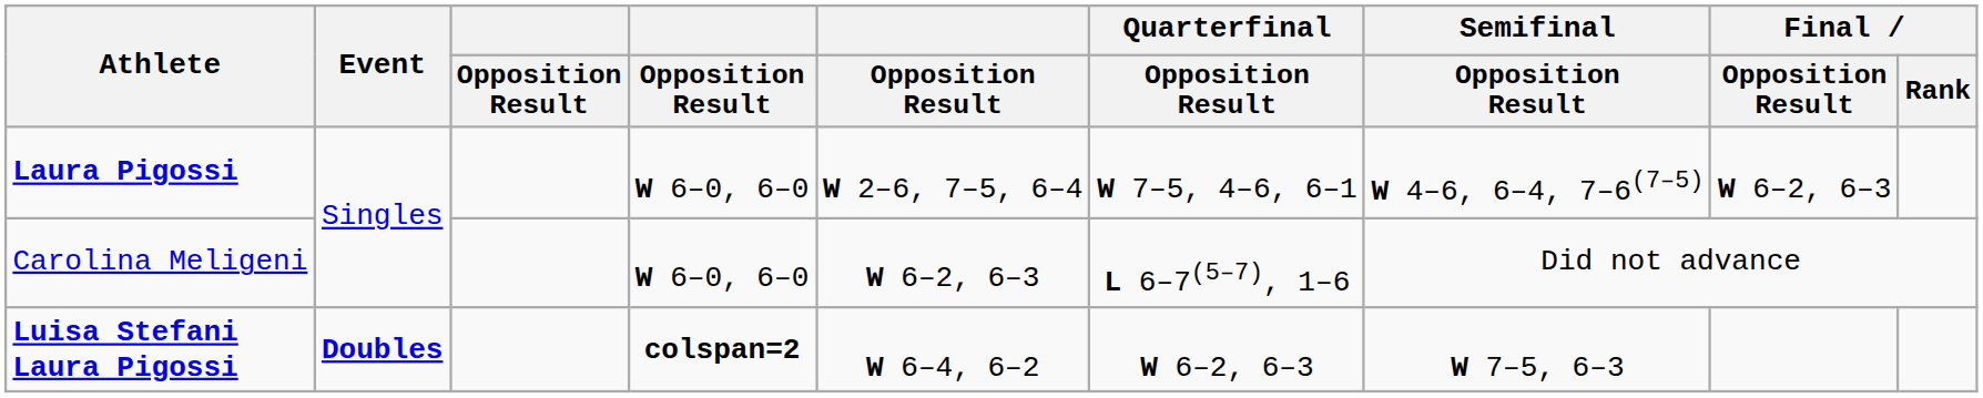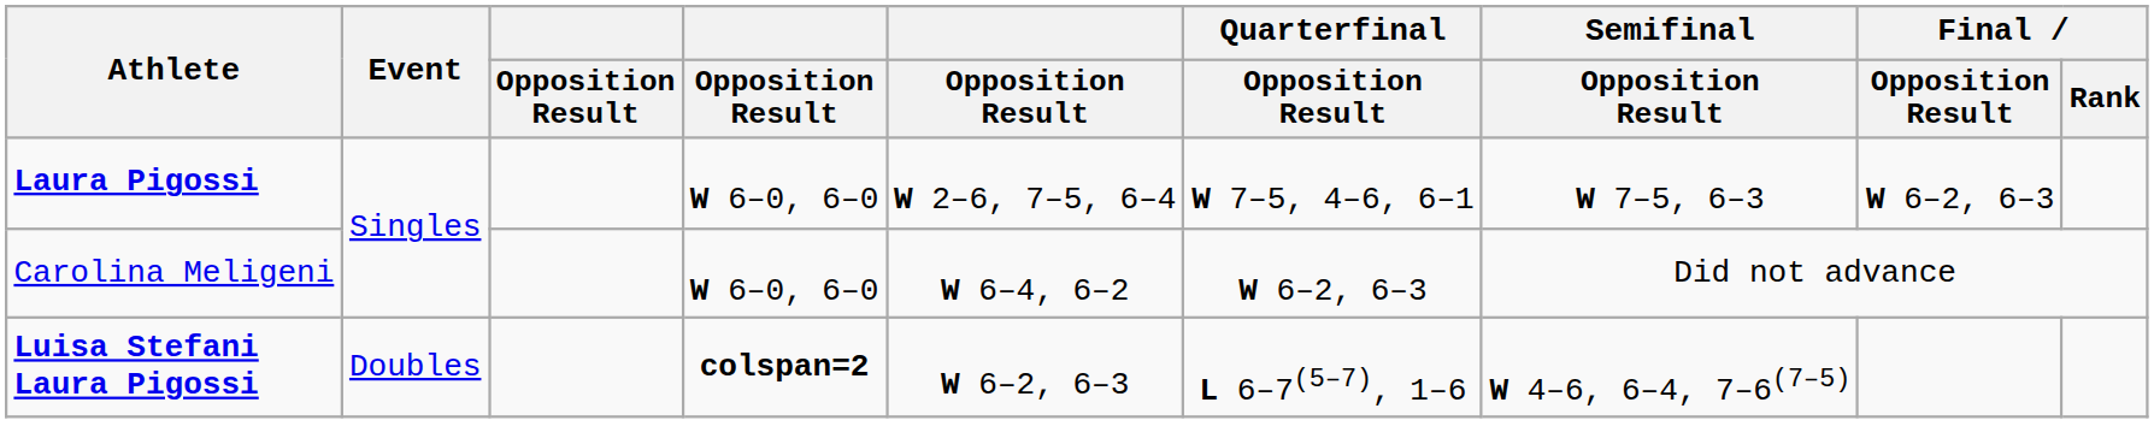 <table class=wikitable style=font-size:90%;text-align:center>
 <tr>
 <th rowspan=2>Athlete</th>
 <th rowspan=2>Event</th>
 <th></th>
 <th></th>
 <th></th>
 <th>Quarterfinal</th>
 <th>Semifinal</th>
 <th colspan=2>Final / </th>
 </tr>
 <tr style=font-size:95%>
 <th>Opposition<br>Result</th>
 <th>Opposition<br>Result</th>
 <th>Opposition<br>Result</th>
 <th>Opposition<br>Result</th>
 <th>Opposition<br>Result</th>
 <th>Opposition<br>Result</th>
 <th>Rank</th>
 </tr>
 <tr>
 <td align=left><strong><a href='#'>Laura Pigossi</a></strong></td>
 <td align=left rowspan=2><a href='#'>Singles</a></td>
 <td></td>
 <td><br><strong>W</strong> 6–0, 6–0</td>
 <td><br><strong>W</strong> 2–6, 7–5, 6–4</td>
 <td><br><strong>W</strong> 7–5, 4–6, 6–1</td>
-<td><br><strong>W</strong> 4–6, 6–4, 7–6<sup>(7–5)</sup></td>
+<td><br><strong>W</strong> 7–5, 6–3</td>
 <td><br><strong>W</strong> 6–2, 6–3</td>
 <td></td>
 </tr>
 <tr>
 <td align=left><a href='#'>Carolina Meligeni</a></td>
 <td></td>
 <td><br><strong>W</strong> 6–0, 6–0</td>
+<td><br><strong>W</strong> 6–4, 6–2</td>
 <td><br><strong>W</strong> 6–2, 6–3</td>
-<td><br><strong>L</strong> 6–7<sup>(5–7)</sup>, 1–6</td>
 <td colspan=3>Did not advance</td>
 </tr>
 <tr>
 <td align=left><strong><a href='#'>Luisa Stefani</a><br><a href='#'>Laura Pigossi</a></strong></td>
-<td align=left><strong><a href='#'>Doubles</a></strong></td>
+<td align=left><a href='#'>Doubles</a></td>
 <td></td>
 <td><strong>colspan=2 </strong></td>
-<td><br><strong>W</strong> 6–4, 6–2</td>
 <td><br><strong>W</strong> 6–2, 6–3</td>
-<td><br><strong>W</strong> 7–5, 6–3</td>
+<td><br><strong>L</strong> 6–7<sup>(5–7)</sup>, 1–6</td>
+<td><br><strong>W</strong> 4–6, 6–4, 7–6<sup>(7–5)</sup></td>
 <td></td>
 </tr>
 </table>
